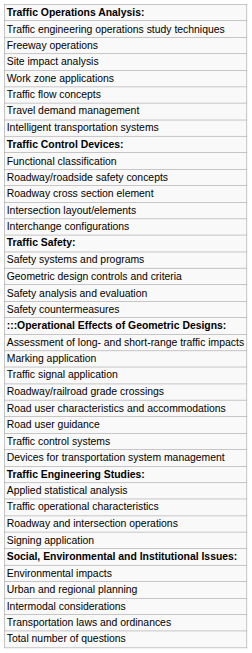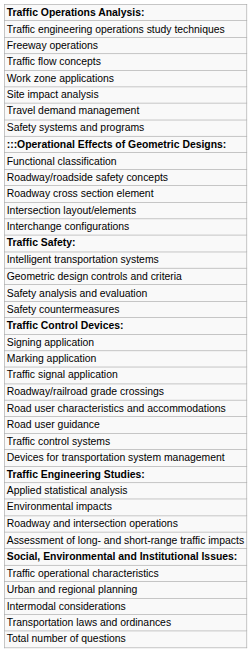 <table class="wikitable">
 <tr>
 <td><strong>Traffic Operations Analysis: </strong></td>
 </tr>
 <tr>
 <td>Traffic engineering operations study techniques</td>
 </tr>
 <tr>
 <td>Freeway operations</td>
 </tr>
 <tr>
-<td>Site impact analysis</td>
+<td>Traffic flow concepts</td>
 </tr>
 <tr>
 <td>Work zone applications</td>
 </tr>
 <tr>
-<td>Traffic flow concepts</td>
+<td>Site impact analysis</td>
 </tr>
 <tr>
 <td>Travel demand management</td>
 </tr>
 <tr>
-<td>Intelligent transportation systems</td>
+<td>Safety systems and programs</td>
 </tr>
 <tr>
-<td><strong>Traffic Control Devices:</strong></td>
+<td><strong>:::Operational Effects of Geometric Designs: </strong></td>
 </tr>
 <tr>
 <td>Functional classification</td>
 </tr>
 <tr>
 <td>Roadway/roadside safety concepts</td>
 </tr>
 <tr>
 <td>Roadway cross section element</td>
 </tr>
 <tr>
 <td>Intersection layout/elements</td>
 </tr>
 <tr>
 <td>Interchange configurations</td>
 </tr>
 <tr>
 <td><strong>Traffic Safety:</strong></td>
 </tr>
 <tr>
-<td>Safety systems and programs</td>
+<td>Intelligent transportation systems</td>
 </tr>
 <tr>
 <td>Geometric design controls and criteria</td>
 </tr>
 <tr>
 <td>Safety analysis and evaluation</td>
 </tr>
 <tr>
 <td>Safety countermeasures</td>
 </tr>
 <tr>
-<td><strong>:::Operational Effects of Geometric Designs: </strong></td>
+<td><strong>Traffic Control Devices:</strong></td>
 </tr>
 <tr>
-<td>Assessment of long- and short-range traffic impacts</td>
+<td>Signing application</td>
 </tr>
 <tr>
 <td>Marking application</td>
 </tr>
 <tr>
 <td>Traffic signal application</td>
 </tr>
 <tr>
 <td>Roadway/railroad grade crossings</td>
 </tr>
 <tr>
 <td>Road user characteristics and accommodations</td>
 </tr>
 <tr>
 <td>Road user guidance</td>
 </tr>
 <tr>
 <td>Traffic control systems</td>
 </tr>
 <tr>
 <td>Devices for transportation system management</td>
 </tr>
 <tr>
 <td><strong>Traffic Engineering Studies:</strong></td>
 </tr>
 <tr>
 <td>Applied statistical analysis</td>
 </tr>
 <tr>
-<td>Traffic operational characteristics</td>
+<td>Environmental impacts</td>
 </tr>
 <tr>
 <td>Roadway and intersection operations</td>
 </tr>
 <tr>
-<td>Signing application</td>
+<td>Assessment of long- and short-range traffic impacts</td>
 </tr>
 <tr>
 <td><strong>Social, Environmental and Institutional Issues:</strong></td>
 </tr>
 <tr>
-<td>Environmental impacts</td>
+<td>Traffic operational characteristics</td>
 </tr>
 <tr>
 <td>Urban and regional planning</td>
 </tr>
 <tr>
 <td>Intermodal considerations</td>
 </tr>
 <tr>
 <td>Transportation laws and ordinances</td>
 </tr>
 <tr>
 <td>Total number of questions</td>
 </tr>
 </table>
